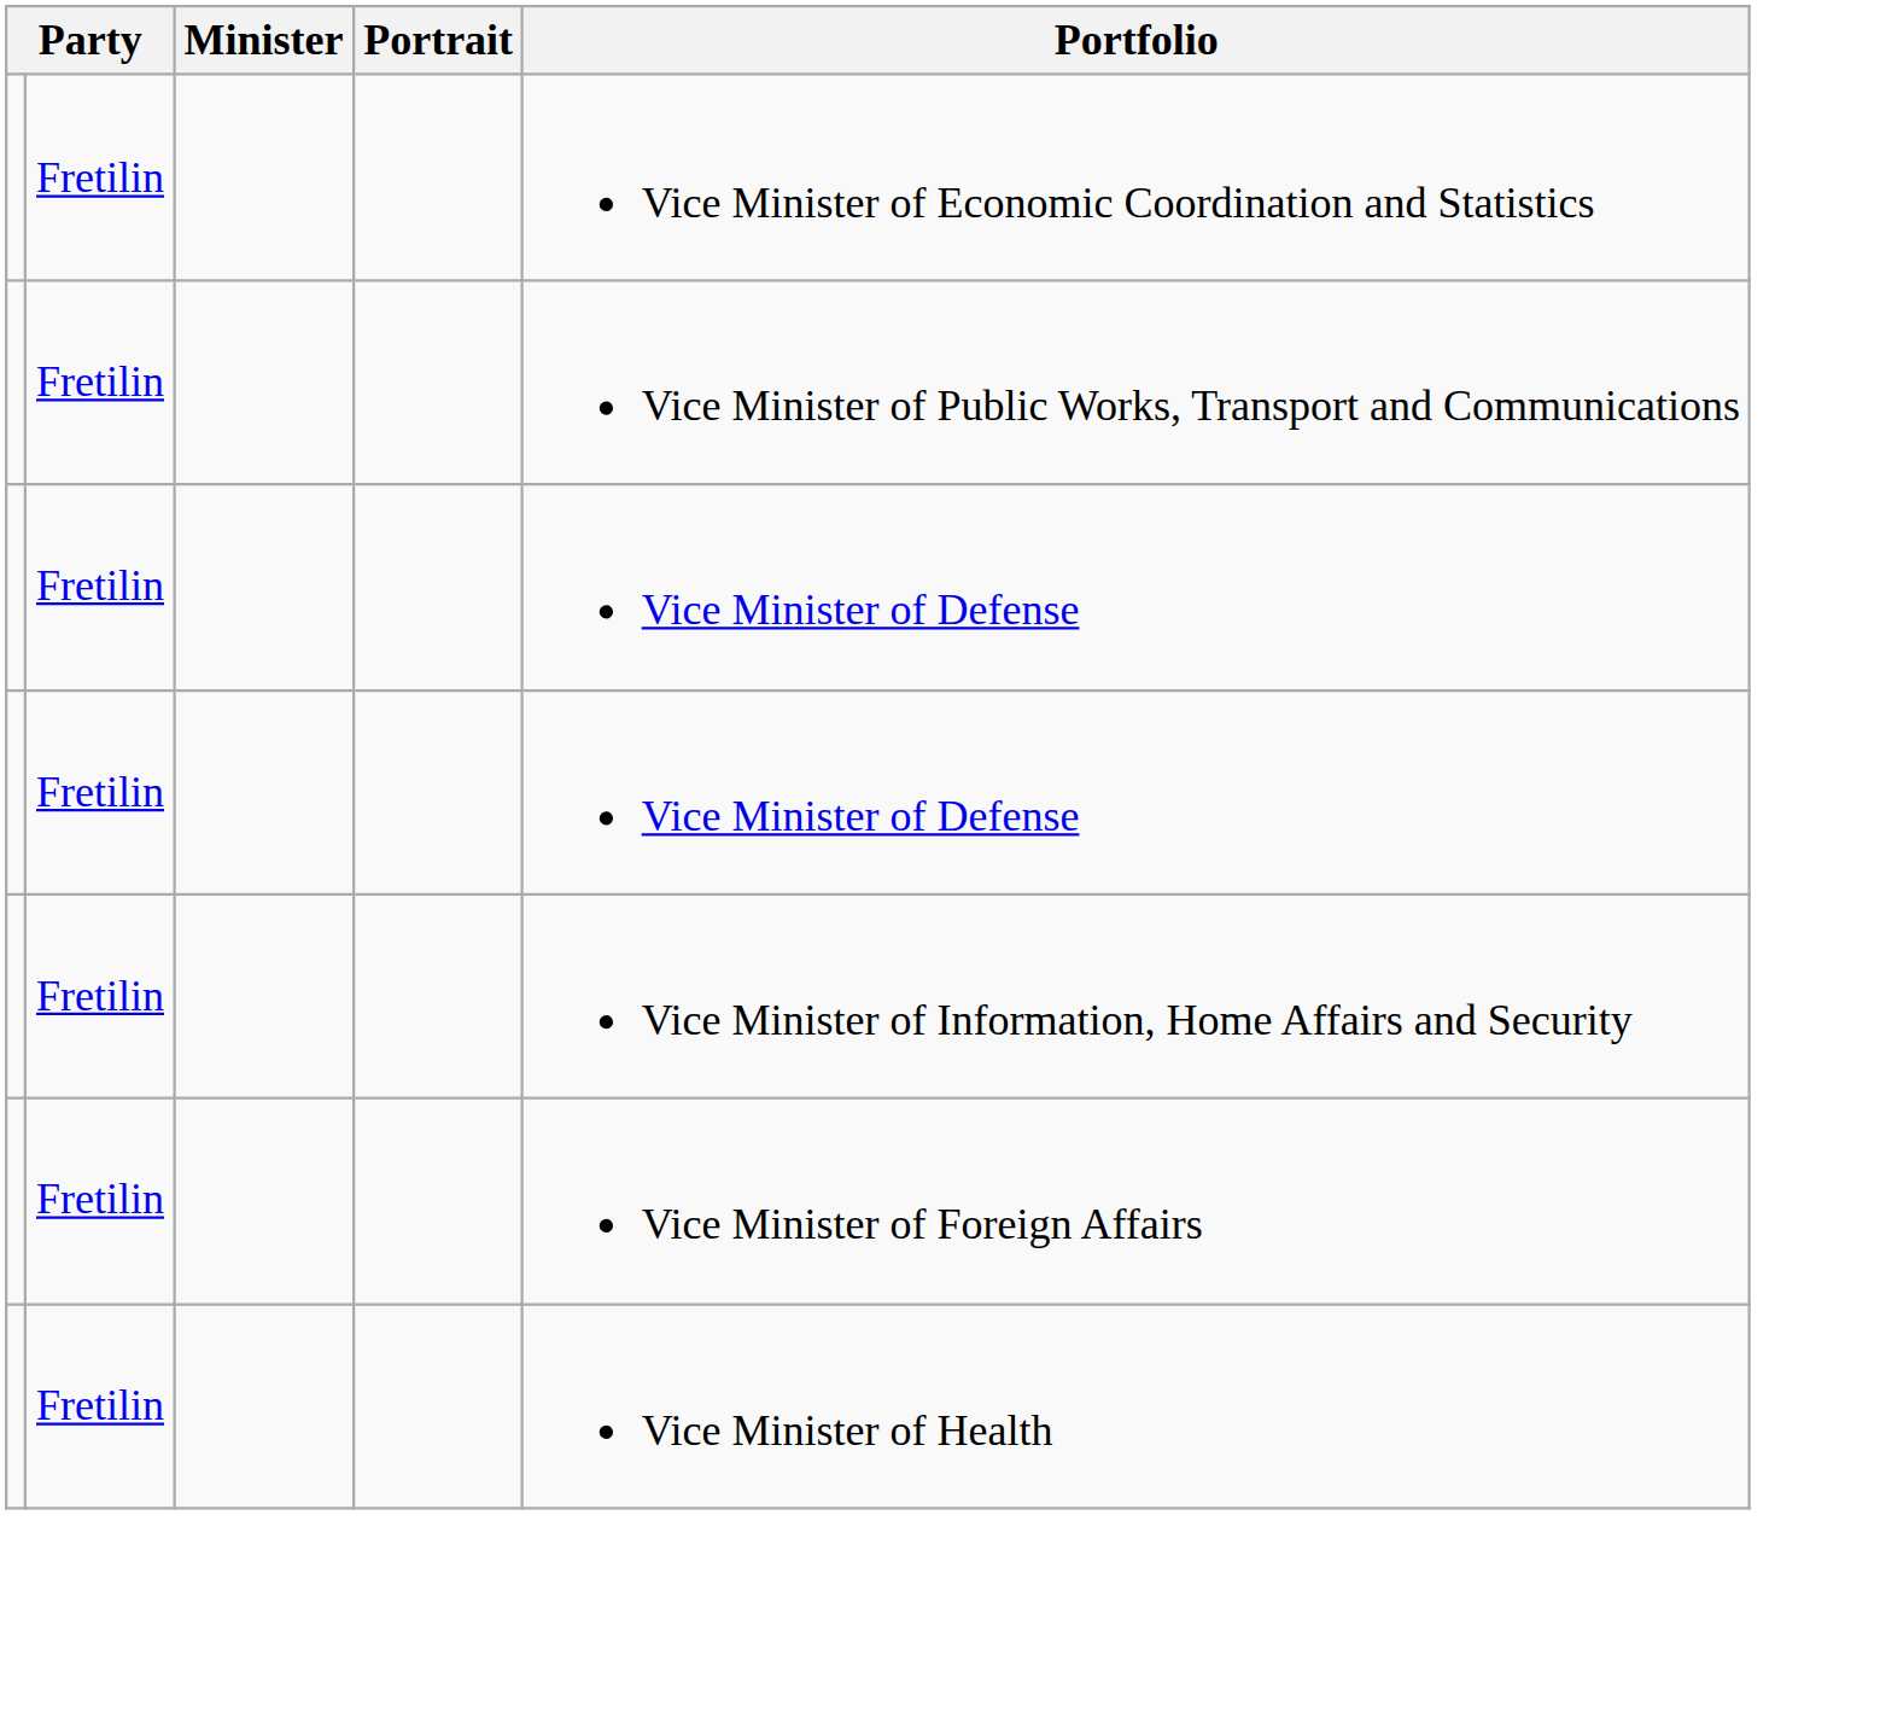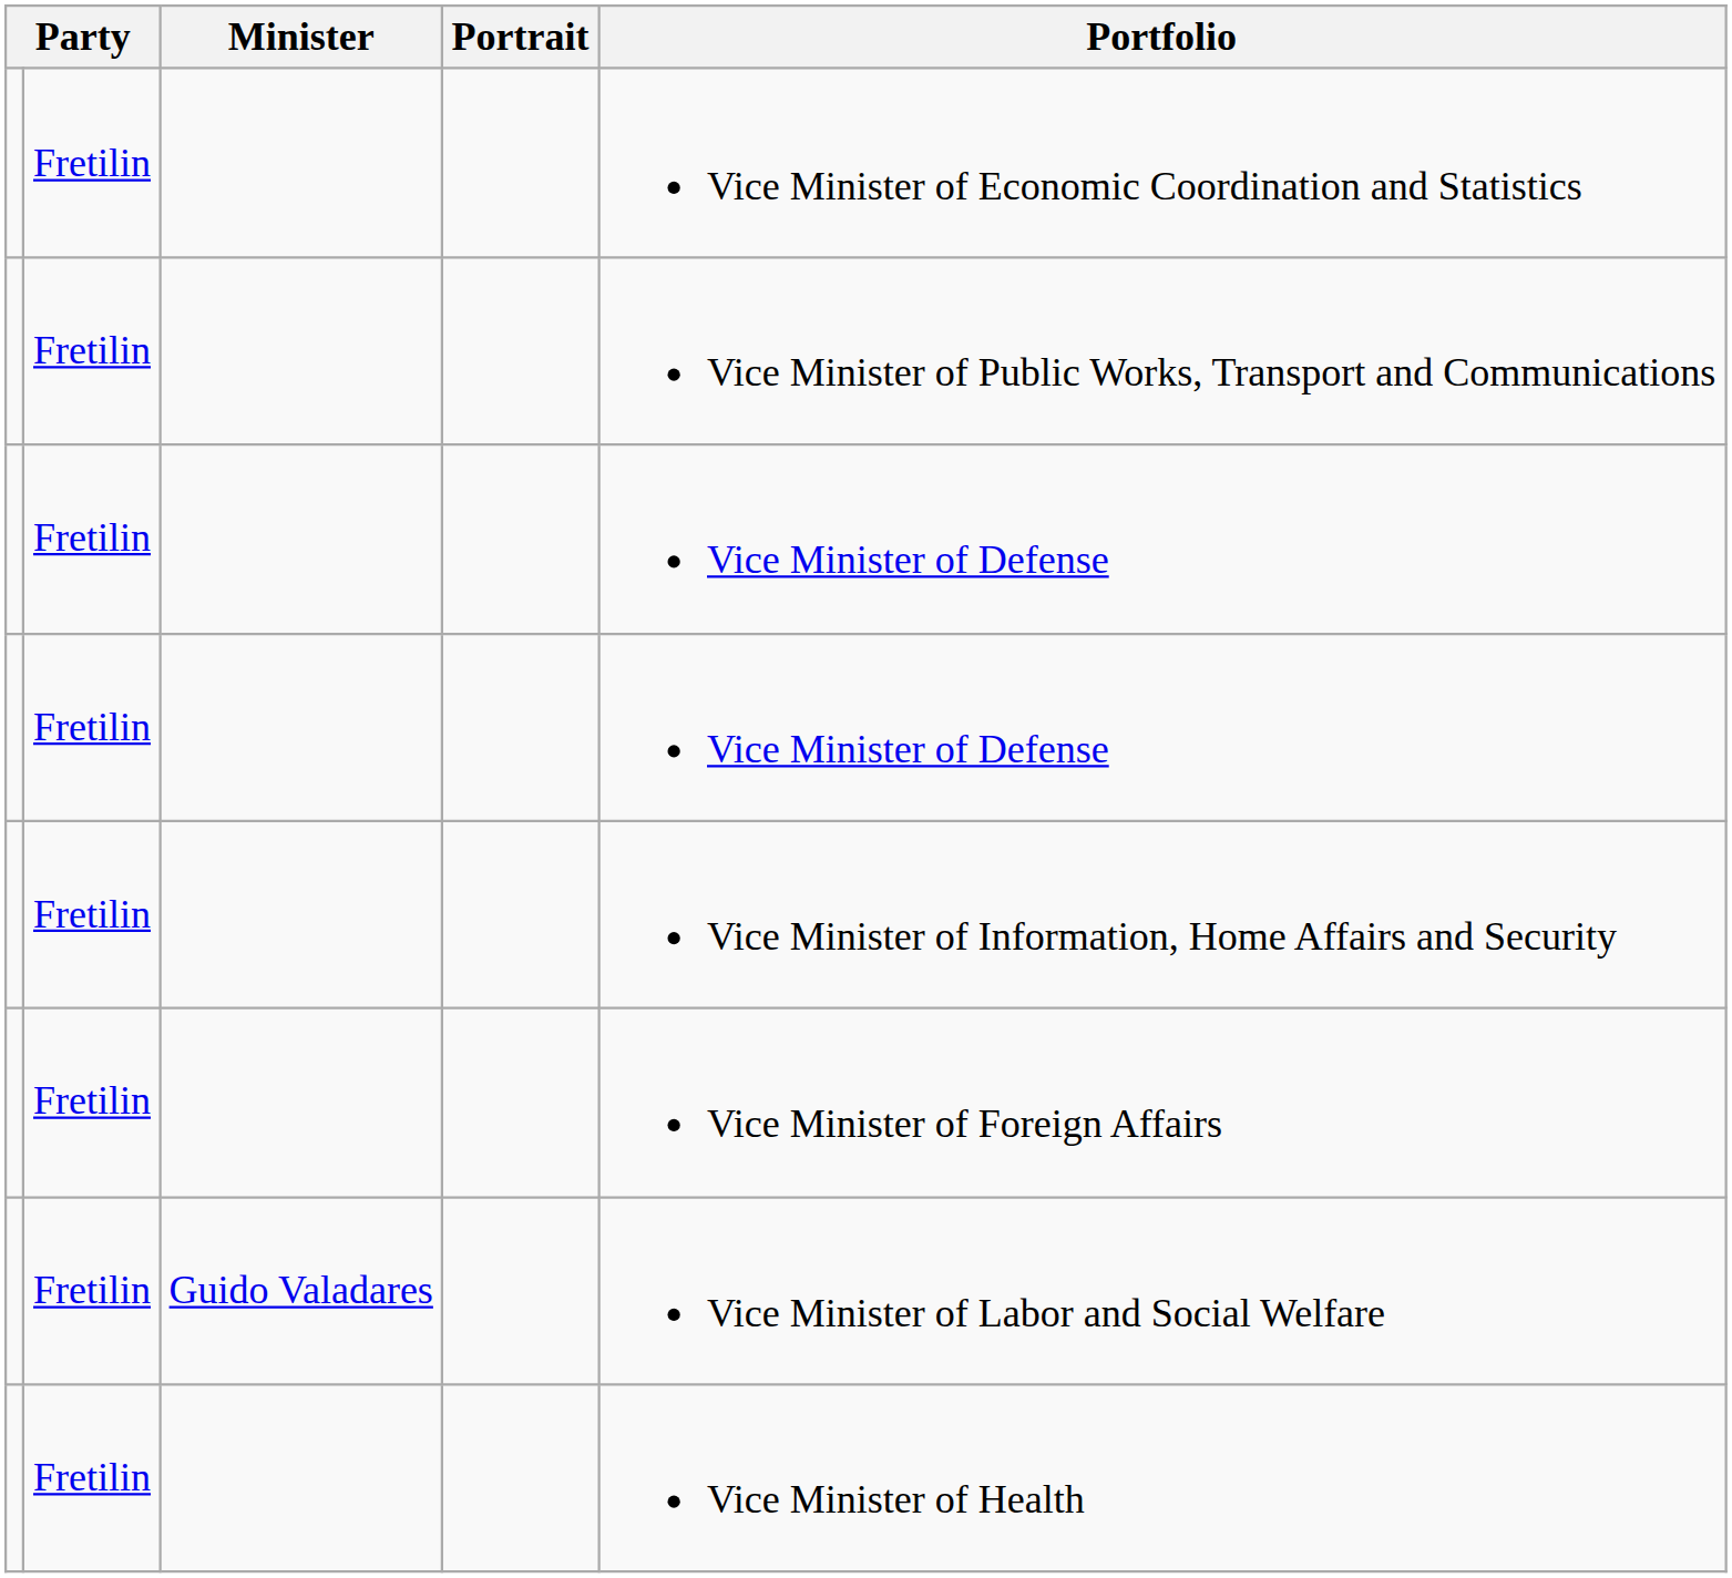 <table class="wikitable sortable">
 <tr>
 <th colspan="2">Party</th>
 <th>Minister</th>
 <th>Portrait</th>
 <th>Portfolio</th>
 </tr>
 <tr>
 <td style="background:"></td>
 <td><a href='#'>Fretilin</a></td>
 <td></td>
 <td></td>
 <td><br><ul><li>Vice Minister of Economic Coordination and Statistics</li></ul></td>
 </tr>
 <tr>
 <td style="background:"></td>
 <td><a href='#'>Fretilin</a></td>
 <td></td>
 <td></td>
 <td><br><ul><li>Vice Minister of Public Works, Transport and Communications</li></ul></td>
 </tr>
 <tr>
 <td style="background:"></td>
 <td><a href='#'>Fretilin</a></td>
 <td></td>
 <td></td>
 <td><br><ul><li><a href='#'>Vice Minister of Defense</a></li></ul></td>
 </tr>
 <tr>
 <td style="background:"></td>
 <td><a href='#'>Fretilin</a></td>
 <td></td>
 <td></td>
 <td><br><ul><li><a href='#'>Vice Minister of Defense</a></li></ul></td>
 </tr>
 <tr>
 <td style="background:"></td>
 <td><a href='#'>Fretilin</a></td>
 <td></td>
 <td></td>
 <td><br><ul><li>Vice Minister of Information, Home Affairs and Security</li></ul></td>
 </tr>
 <tr>
 <td style="background:"></td>
 <td><a href='#'>Fretilin</a></td>
 <td></td>
 <td></td>
 <td><br><ul><li>Vice Minister of Foreign Affairs</li></ul></td>
 </tr>
 <tr>
 <td style="background:"></td>
 <td><a href='#'>Fretilin</a></td>
+<td><a href='#'>Guido Valadares</a></td>
+<td></td>
+<td><br><ul><li>Vice Minister of Labor and Social Welfare</li></ul></td>
+</tr>
+<tr>
+<td style="background:"></td>
+<td><a href='#'>Fretilin</a></td>
 <td></td>
 <td></td>
 <td><br><ul><li>Vice Minister of Health</li></ul></td>
 </tr>
 </table>
